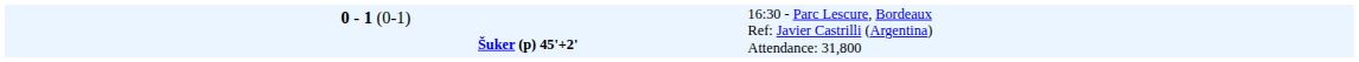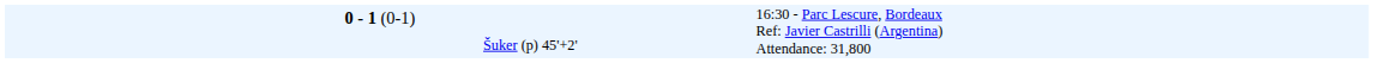 <table cellspacing=0 width=100% style=background:#EBF5FF>
 <tr>
 <td width="20%" align="right"><strong></strong></td>
 <td align="center" width=15%><strong>0 - 1</strong> (0-1)</td>
 <td width="20%"><strong></strong></td>
 <td style=font-size:85% rowspan=3>16:30 - <a href='#'>Parc Lescure</a>, <a href='#'>Bordeaux</a><br>Ref: <a href='#'>Javier Castrilli</a> (<a href='#'>Argentina</a>)<br>Attendance: 31,800</td>
 </tr>
 <tr style=font-size:85%>
 <td></td>
 <td></td>
-<td><strong><a href='#'>Šuker</a> (p) 45'+2'</strong></td>
+<td><a href='#'>Šuker</a> (p) 45'+2'</td>
 </tr>
 </table>
